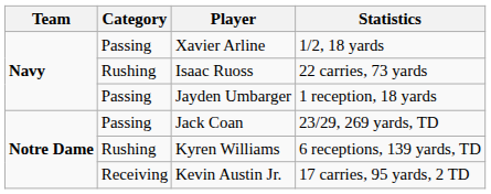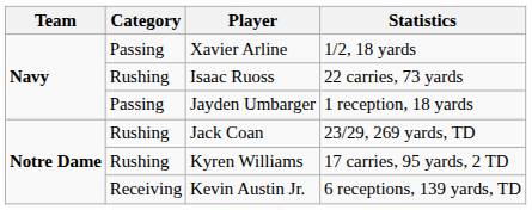 <table class="wikitable" style="float: left;">
 <tr>
 <th>Team</th>
 <th>Category</th>
 <th>Player</th>
 <th>Statistics</th>
 </tr>
 <tr>
 <td rowspan=3><strong>Navy</strong></td>
 <td>Passing</td>
 <td>Xavier Arline</td>
 <td>1/2, 18 yards</td>
 </tr>
 <tr>
 <td>Rushing</td>
 <td>Isaac Ruoss</td>
 <td>22 carries, 73 yards</td>
 </tr>
 <tr>
 <td>Passing</td>
 <td>Jayden Umbarger</td>
 <td>1 reception, 18 yards</td>
 </tr>
 <tr>
 <td rowspan=3><strong>Notre Dame</strong></td>
-<td>Passing</td>
+<td>Rushing</td>
 <td>Jack Coan</td>
 <td>23/29, 269 yards, TD</td>
 </tr>
 <tr>
 <td>Rushing</td>
 <td>Kyren Williams</td>
-<td>6 receptions, 139 yards, TD</td>
+<td>17 carries, 95 yards, 2 TD</td>
 </tr>
 <tr>
 <td>Receiving</td>
 <td>Kevin Austin Jr.</td>
-<td>17 carries, 95 yards, 2 TD</td>
+<td>6 receptions, 139 yards, TD</td>
 </tr>
 </table>
